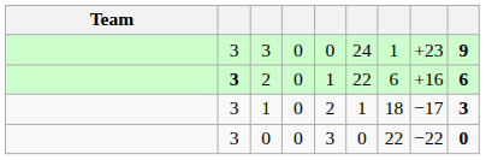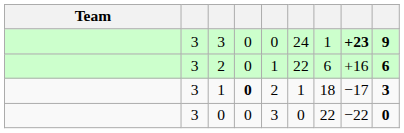 <table class="wikitable" style="text-align: center;">
 <tr>
 <th width="175">Team</th>
 <th width="20"></th>
 <th width="20"></th>
 <th width="20"></th>
 <th width="20"></th>
 <th width="20"></th>
 <th width="20"></th>
 <th width="20"></th>
 <th width="20"></th>
 </tr>
 <tr bgcolor="#ccffcc">
 <td align=left></td>
 <td>3</td>
 <td>3</td>
 <td>0</td>
 <td>0</td>
 <td>24</td>
 <td>1</td>
-<td>+23</td>
+<td><strong>+23</strong></td>
 <td><strong>9</strong></td>
 </tr>
 <tr bgcolor="#ccffcc">
 <td align=left><em></em></td>
-<td><strong>3</strong></td>
+<td>3</td>
 <td>2</td>
 <td>0</td>
 <td>1</td>
 <td>22</td>
 <td>6</td>
 <td>+16</td>
 <td><strong>6</strong></td>
 </tr>
 <tr bgcolor=>
 <td align=left></td>
 <td>3</td>
 <td>1</td>
-<td>0</td>
+<td><strong>0</strong></td>
 <td>2</td>
 <td>1</td>
 <td>18</td>
 <td>−17</td>
 <td><strong>3</strong></td>
 </tr>
 <tr bgcolor=>
 <td align=left></td>
 <td>3</td>
 <td>0</td>
 <td>0</td>
 <td>3</td>
 <td>0</td>
 <td>22</td>
 <td>−22</td>
 <td><strong>0</strong></td>
 </tr>
 </table>
